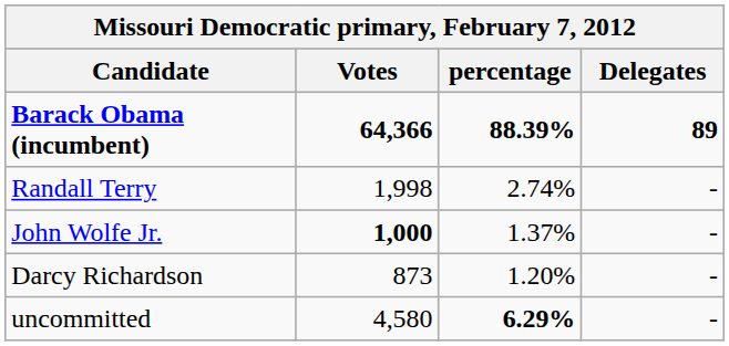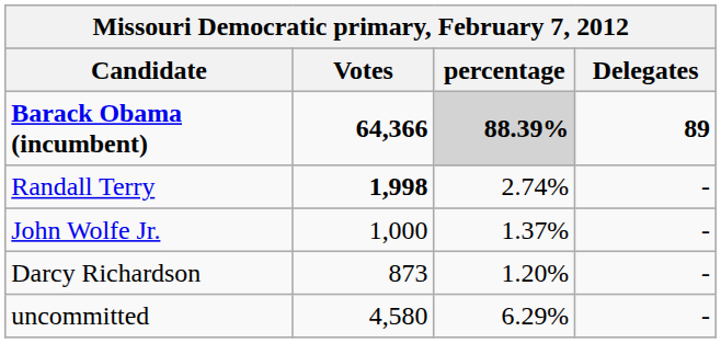 <table class="wikitable" style="font-size:95%;">
 <tr>
 <th colspan="4">Missouri Democratic primary, February 7, 2012</th>
 </tr>
 <tr>
 <th style="width:160px;">Candidate</th>
 <th style="width:75px;">Votes</th>
 <th style="width:75px;">percentage</th>
 <th style="width:75px;">Delegates</th>
 </tr>
 <tr style="text-align:right;">
 <td style="text-align:left;"><strong><a href='#'>Barack Obama</a></strong> <strong>(incumbent)</strong></td>
 <td><strong>64,366</strong></td>
-<td><strong>88.39%</strong></td>
+<td style="background: lightgrey;"><strong>88.39%</strong></td>
 <td><strong>89</strong></td>
 </tr>
 <tr style="text-align:right;">
 <td style="text-align:left;"><a href='#'>Randall Terry</a></td>
-<td>1,998</td>
+<td><strong>1,998</strong></td>
 <td>2.74%</td>
 <td>-</td>
 </tr>
 <tr style="text-align:right;">
 <td style="text-align:left;"><a href='#'>John Wolfe Jr.</a></td>
-<td><strong>1,000</strong></td>
+<td>1,000</td>
 <td>1.37%</td>
 <td>-</td>
 </tr>
 <tr style="text-align:right;">
 <td style="text-align:left;">Darcy Richardson</td>
 <td>873</td>
 <td>1.20%</td>
 <td>-</td>
 </tr>
 <tr style="text-align:right;">
 <td style="text-align:left;">uncommitted</td>
 <td>4,580</td>
-<td><strong>6.29%</strong></td>
+<td>6.29%</td>
 <td>-</td>
 </tr>
 </table>
